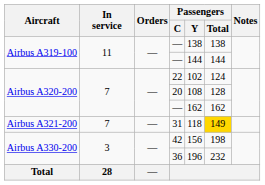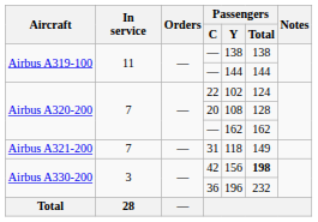 <table class="wikitable" style="margin:0.5em auto; text-align:center">
 <tr>
 <th rowspan=2>Aircraft</th>
 <th rowspan=2 style="width:80px;">In <br> service</th>
 <th rowspan=2 style="width:25px;">Orders</th>
 <th colspan=3>Passengers</th>
 <th rowspan=2>Notes</th>
 </tr>
 <tr>
 <th><abbr>C</abbr></th>
 <th><abbr>Y</abbr></th>
 <th>Total</th>
 </tr>
 <tr>
 <td rowspan=2><a href='#'>Airbus A319-100</a></td>
 <td rowspan=2>11</td>
 <td rowspan=2>—</td>
 <td>—</td>
 <td>138</td>
 <td>138</td>
 <td rowspan=2></td>
 </tr>
 <tr>
 <td>—</td>
 <td>144</td>
 <td>144</td>
 </tr>
 <tr>
 <td rowspan=3><a href='#'>Airbus A320-200</a></td>
 <td rowspan=3>7</td>
 <td rowspan=3>—</td>
 <td>22</td>
 <td>102</td>
 <td>124</td>
 <td rowspan=3></td>
 </tr>
 <tr>
 <td>20</td>
 <td>108</td>
 <td>128</td>
 </tr>
 <tr>
 <td>—</td>
 <td>162</td>
 <td>162</td>
 </tr>
 <tr>
 <td><a href='#'>Airbus A321-200</a></td>
 <td>7</td>
 <td>—</td>
 <td>31</td>
 <td>118</td>
-<td style="background: gold;">149</td>
+<td>149</td>
 <td></td>
 </tr>
 <tr>
 <td rowspan=2><a href='#'>Airbus A330-200</a></td>
 <td rowspan=2>3</td>
 <td rowspan=2>—</td>
 <td>42</td>
 <td>156</td>
-<td>198</td>
+<td><strong>198</strong></td>
 <td rowspan=2></td>
 </tr>
 <tr>
 <td>36</td>
 <td>196</td>
 <td>232</td>
 </tr>
 <tr>
 <th>Total</th>
 <th>28</th>
 <th>—</th>
 <th colspan=4></th>
 </tr>
 </table>
